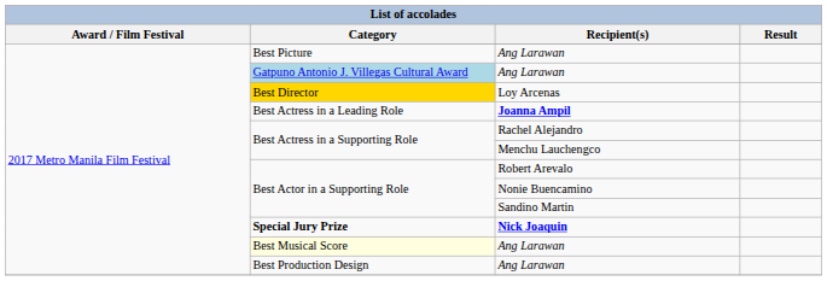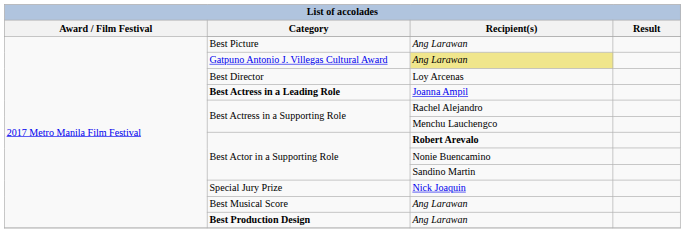 <table class="wikitable sortable" style="width:85%;">
 <tr style="background:#ccc; text-align:center;">
 <th colspan=5 style="background:#B0C4DE;">List of accolades</th>
 </tr>
 <tr style="background:#ccc; text-align:center;">
 <th scope="col" style="width:30%;">Award / Film Festival</th>
 <th scope="col" style="width:30%;">Category</th>
 <th scope="col" style="width:30%;">Recipient(s)</th>
 <th scope="col" style="width:10%;">Result</th>
 </tr>
 <tr>
 <td rowspan=13><a href='#'>2017 Metro Manila Film Festival</a></td>
 </tr>
 <tr>
 <td>Best Picture</td>
 <td><em>Ang Larawan</em></td>
 <td></td>
 </tr>
 <tr>
-<td style="background: lightblue;"><a href='#'>Gatpuno Antonio J. Villegas Cultural Award</a></td>
-<td><em>Ang Larawan</em></td>
+<td><a href='#'>Gatpuno Antonio J. Villegas Cultural Award</a></td>
+<td style="background: khaki;"><em>Ang Larawan</em></td>
 <td></td>
 </tr>
 <tr>
-<td style="background: gold;">Best Director</td>
+<td>Best Director</td>
 <td>Loy Arcenas</td>
 <td></td>
 </tr>
 <tr>
-<td>Best Actress in a Leading Role</td>
-<td><strong><a href='#'>Joanna Ampil</a></strong></td>
+<td><strong>Best Actress in a Leading Role</strong></td>
+<td><a href='#'>Joanna Ampil</a></td>
 <td></td>
 </tr>
 <tr>
 <td rowspan=2>Best Actress in a Supporting Role</td>
 <td>Rachel Alejandro</td>
 <td></td>
 </tr>
 <tr>
 <td>Menchu Lauchengco</td>
 <td></td>
 </tr>
 <tr>
 <td rowspan=3>Best Actor in a Supporting Role</td>
-<td>Robert Arevalo</td>
+<td><strong>Robert Arevalo</strong></td>
 <td></td>
 </tr>
 <tr>
 <td>Nonie Buencamino</td>
 <td></td>
 </tr>
 <tr>
 <td>Sandino Martin</td>
 <td></td>
 </tr>
 <tr>
-<td><strong>Special Jury Prize</strong></td>
-<td><strong><a href='#'>Nick Joaquin</a><br></strong></td>
+<td>Special Jury Prize</td>
+<td><a href='#'>Nick Joaquin</a><br></td>
 <td></td>
 </tr>
 <tr>
-<td style="background: lightyellow;">Best Musical Score</td>
+<td>Best Musical Score</td>
 <td><em>Ang Larawan</em></td>
 <td></td>
 </tr>
 <tr>
-<td>Best Production Design</td>
+<td><strong>Best Production Design</strong></td>
 <td><em>Ang Larawan</em></td>
 <td></td>
 </tr>
 <tr>
 </tr>
 </table>
